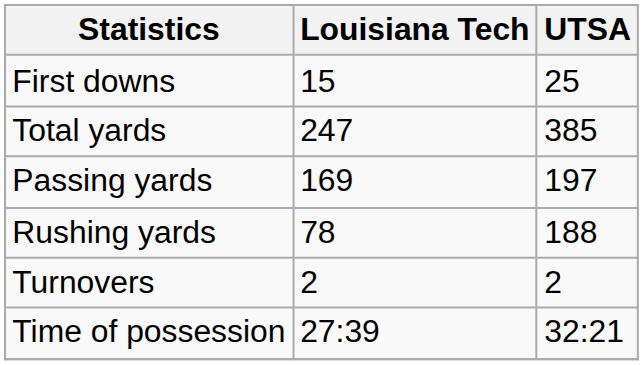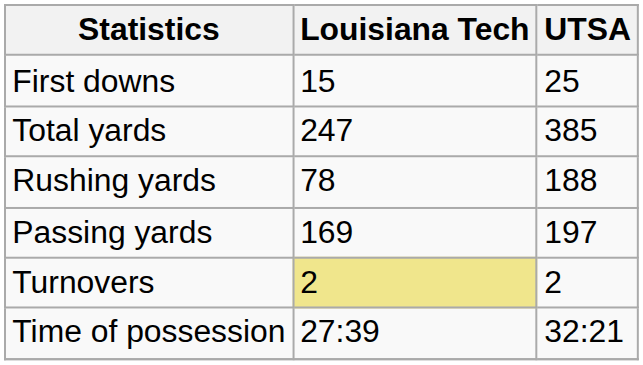 <table class="wikitable">
 <tr>
 <th>Statistics</th>
 <th>Louisiana Tech</th>
 <th>UTSA</th>
 </tr>
 <tr>
 <td>First downs</td>
 <td>15</td>
 <td>25</td>
 </tr>
 <tr>
 <td>Total yards</td>
 <td>247</td>
 <td>385</td>
 </tr>
 <tr>
+<td>Rushing yards</td>
+<td>78</td>
+<td>188</td>
+</tr>
+<tr>
 <td>Passing yards</td>
 <td>169</td>
 <td>197</td>
 </tr>
 <tr>
-<td>Rushing yards</td>
-<td>78</td>
-<td>188</td>
-</tr>
-<tr>
 <td>Turnovers</td>
-<td>2</td>
+<td style="background: khaki;">2</td>
 <td>2</td>
 </tr>
 <tr>
 <td>Time of possession</td>
 <td>27:39</td>
 <td>32:21</td>
 </tr>
 <tr>
 </tr>
 </table>
